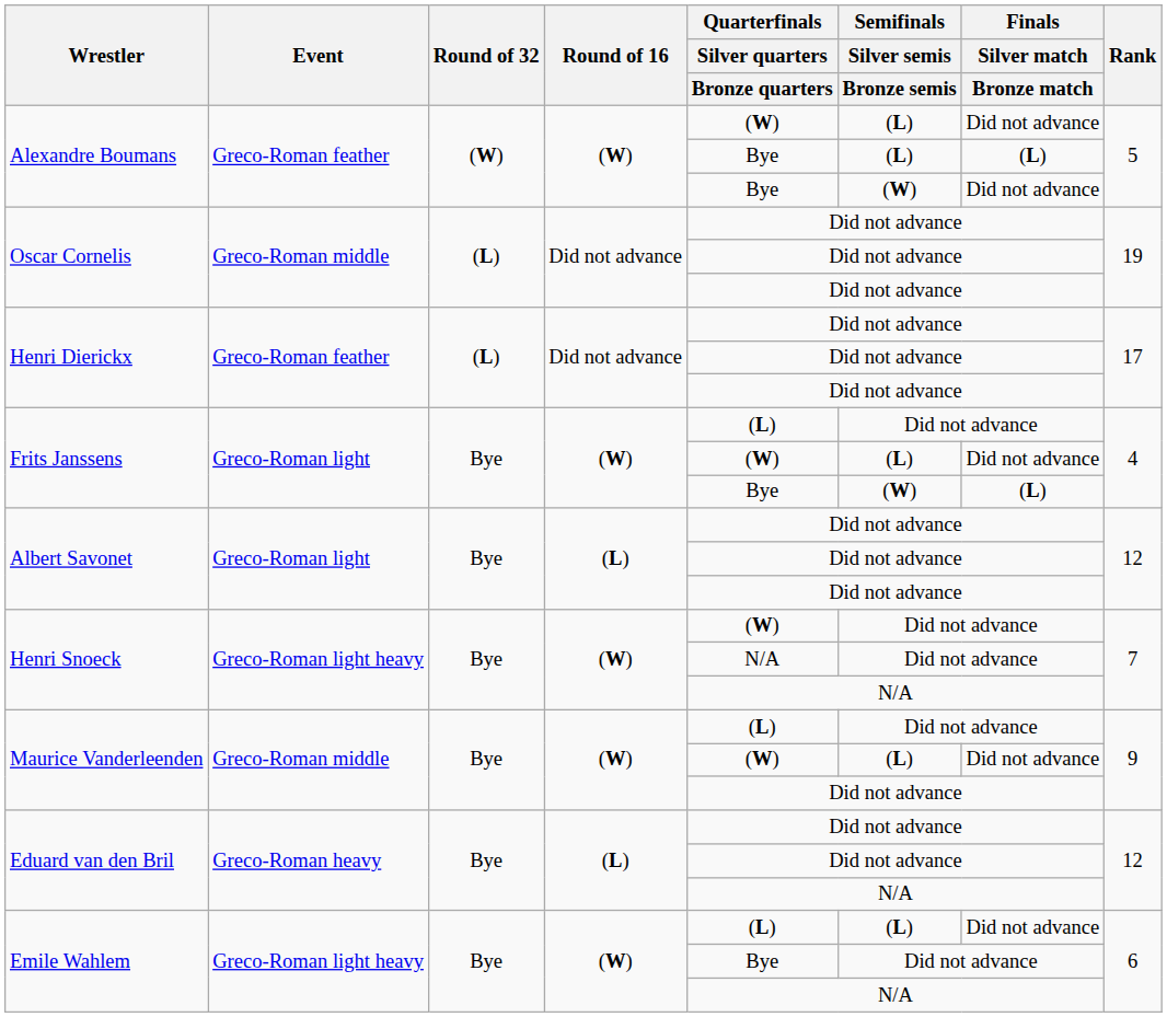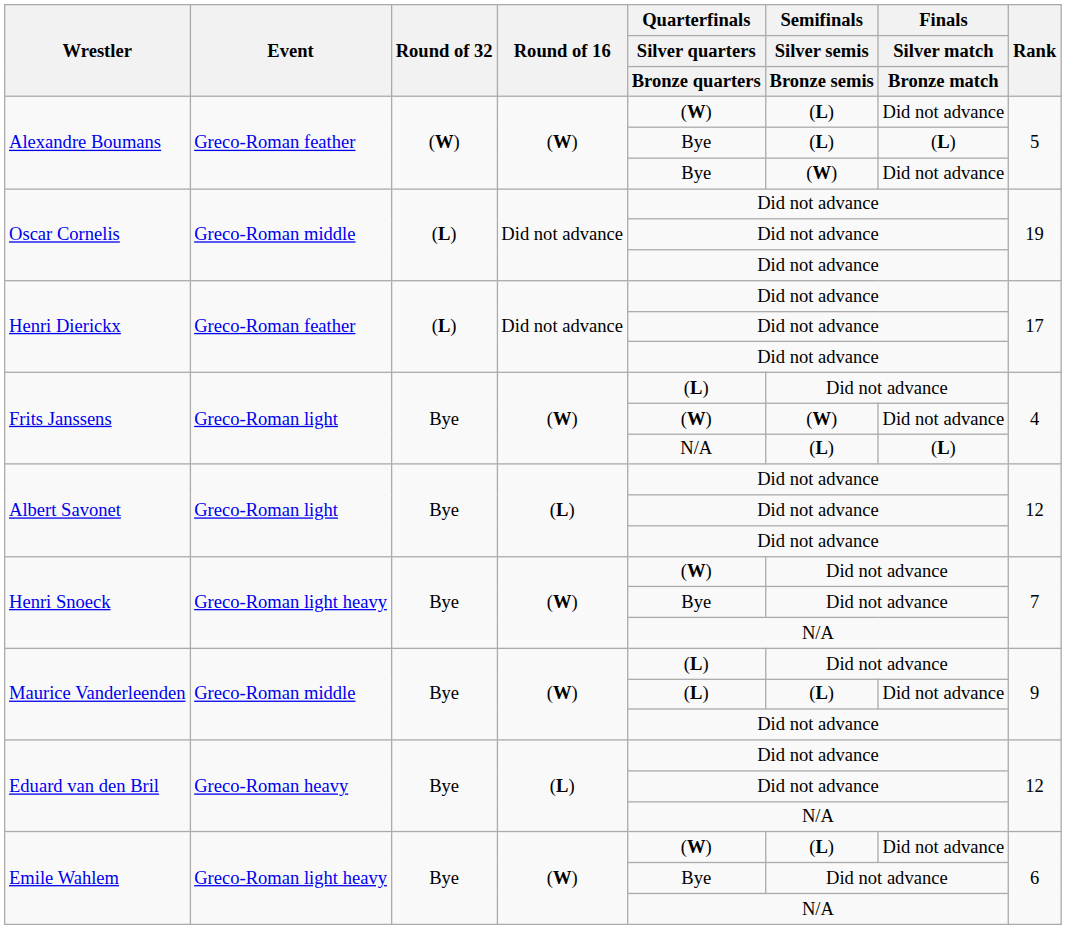 <table class=wikitable style="font-size:90%">
 <tr>
 <th rowspan=3>Wrestler</th>
 <th rowspan=3>Event</th>
 <th rowspan=3>Round of 32</th>
 <th rowspan=3>Round of 16</th>
 <th>Quarterfinals</th>
 <th>Semifinals</th>
 <th>Finals</th>
 <th rowspan=3>Rank</th>
 </tr>
 <tr>
 <th>Silver quarters</th>
 <th>Silver semis</th>
 <th>Silver match</th>
 </tr>
 <tr>
 <th>Bronze quarters</th>
 <th>Bronze semis</th>
 <th>Bronze match</th>
 </tr>
 <tr>
 <td rowspan=3><a href='#'>Alexandre Boumans</a></td>
 <td rowspan=3><a href='#'>Greco-Roman feather</a></td>
 <td rowspan=3 align=center> (<strong>W</strong>)</td>
 <td rowspan=3 align=center> (<strong>W</strong>)</td>
 <td align=center> (<strong>W</strong>)</td>
 <td align=center> (<strong>L</strong>)</td>
 <td align=center>Did not advance</td>
 <td rowspan=3 align=center>5</td>
 </tr>
 <tr>
 <td align=center>Bye</td>
 <td align=center> (<strong>L</strong>)</td>
 <td align=center> (<strong>L</strong>)</td>
 </tr>
 <tr>
 <td align=center>Bye</td>
 <td align=center> (<strong>W</strong>)</td>
 <td align=center>Did not advance</td>
 </tr>
 <tr>
 <td rowspan=3><a href='#'>Oscar Cornelis</a></td>
 <td rowspan=3><a href='#'>Greco-Roman middle</a></td>
 <td rowspan=3 align=center> (<strong>L</strong>)</td>
 <td rowspan=3 align=center>Did not advance</td>
 <td align=center colspan=3>Did not advance</td>
 <td rowspan=3 align=center>19</td>
 </tr>
 <tr>
 <td align=center colspan=3>Did not advance</td>
 </tr>
 <tr>
 <td align=center colspan=3>Did not advance</td>
 </tr>
 <tr>
 <td rowspan=3><a href='#'>Henri Dierickx</a></td>
 <td rowspan=3><a href='#'>Greco-Roman feather</a></td>
 <td rowspan=3 align=center> (<strong>L</strong>)</td>
 <td rowspan=3 align=center>Did not advance</td>
 <td colspan=3 align=center>Did not advance</td>
 <td rowspan=3 align=center>17</td>
 </tr>
 <tr>
 <td align=center colspan=3>Did not advance</td>
 </tr>
 <tr>
 <td align=center colspan=3>Did not advance</td>
 </tr>
 <tr>
 <td rowspan=3><a href='#'>Frits Janssens</a></td>
 <td rowspan=3><a href='#'>Greco-Roman light</a></td>
 <td rowspan=3 align=center>Bye</td>
 <td rowspan=3 align=center> (<strong>W</strong>)</td>
 <td align=center> (<strong>L</strong>)</td>
 <td align=center colspan=2>Did not advance</td>
 <td rowspan=3 align=center>4</td>
 </tr>
 <tr>
 <td align=center> (<strong>W</strong>)</td>
-<td align=center> (<strong>L</strong>)</td>
+<td align=center> (<strong>W</strong>)</td>
 <td align=center>Did not advance</td>
 </tr>
 <tr>
-<td align=center>Bye</td>
-<td align=center> (<strong>W</strong>)</td>
+<td align=center>N/A</td>
+<td align=center> (<strong>L</strong>)</td>
 <td align=center> (<strong>L</strong>)</td>
 </tr>
 <tr>
 <td rowspan=3><a href='#'>Albert Savonet</a></td>
 <td rowspan=3><a href='#'>Greco-Roman light</a></td>
 <td rowspan=3 align=center>Bye</td>
 <td rowspan=3 align=center> (<strong>L</strong>)</td>
 <td colspan=3 align=center>Did not advance</td>
 <td rowspan=3 align=center>12</td>
 </tr>
 <tr>
 <td align=center colspan=3>Did not advance</td>
 </tr>
 <tr>
 <td align=center colspan=3>Did not advance</td>
 </tr>
 <tr>
 <td rowspan=3><a href='#'>Henri Snoeck</a></td>
 <td rowspan=3><a href='#'>Greco-Roman light heavy</a></td>
 <td rowspan=3 align=center>Bye</td>
 <td rowspan=3 align=center> (<strong>W</strong>)</td>
 <td align=center> (<strong>W</strong>)</td>
 <td align=center colspan=2>Did not advance</td>
 <td rowspan=3 align=center>7</td>
 </tr>
 <tr>
-<td align=center>N/A</td>
+<td align=center>Bye</td>
 <td align=center colspan=2>Did not advance</td>
 </tr>
 <tr>
 <td align=center colspan=3>N/A</td>
 </tr>
 <tr>
 <td rowspan=3><a href='#'>Maurice Vanderleenden</a></td>
 <td rowspan=3><a href='#'>Greco-Roman middle</a></td>
 <td rowspan=3 align=center>Bye</td>
 <td rowspan=3 align=center> (<strong>W</strong>)</td>
 <td align=center> (<strong>L</strong>)</td>
 <td colspan=2 align=center>Did not advance</td>
 <td rowspan=3 align=center>9</td>
 </tr>
 <tr>
-<td align=center> (<strong>W</strong>)</td>
+<td align=center> (<strong>L</strong>)</td>
 <td align=center> (<strong>L</strong>)</td>
 <td align=center>Did not advance</td>
 </tr>
 <tr>
 <td align=center colspan=3>Did not advance</td>
 </tr>
 <tr>
 <td rowspan=3><a href='#'>Eduard van den Bril</a></td>
 <td rowspan=3><a href='#'>Greco-Roman heavy</a></td>
 <td rowspan=3 align=center>Bye</td>
 <td rowspan=3 align=center> (<strong>L</strong>)</td>
 <td align=center colspan=3>Did not advance</td>
 <td rowspan=3 align=center>12</td>
 </tr>
 <tr>
 <td align=center colspan=3>Did not advance</td>
 </tr>
 <tr>
 <td align=center colspan=3>N/A</td>
 </tr>
 <tr>
 <td rowspan=3><a href='#'>Emile Wahlem</a></td>
 <td rowspan=3><a href='#'>Greco-Roman light heavy</a></td>
 <td rowspan=3 align=center>Bye</td>
 <td rowspan=3 align=center> (<strong>W</strong>)</td>
-<td align=center> (<strong>L</strong>)</td>
+<td align=center> (<strong>W</strong>)</td>
 <td align=center> (<strong>L</strong>)</td>
 <td align=center>Did not advance</td>
 <td rowspan=3 align=center>6</td>
 </tr>
 <tr>
 <td align=center>Bye</td>
 <td align=center colspan=2>Did not advance</td>
 </tr>
 <tr>
 <td align=center colspan=3>N/A</td>
 </tr>
 </table>
